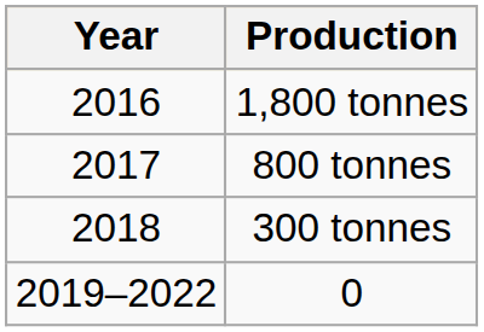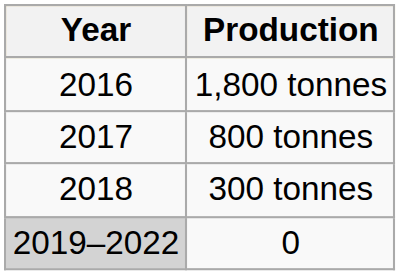 <table class="wikitable">
 <tr style="text-align:center; background:#daa520;">
 <th>Year</th>
 <th>Production</th>
 </tr>
 <tr style="text-align:center;">
 <td>2016</td>
 <td>1,800 tonnes</td>
 </tr>
 <tr style="text-align:center;">
 <td>2017</td>
 <td>800 tonnes</td>
 </tr>
 <tr style="text-align:center;">
 <td>2018</td>
 <td>300 tonnes</td>
 </tr>
 <tr style="text-align:center;">
-<td>2019–2022</td>
+<td style="background: lightgrey;">2019–2022</td>
 <td>0</td>
 </tr>
 </table>
